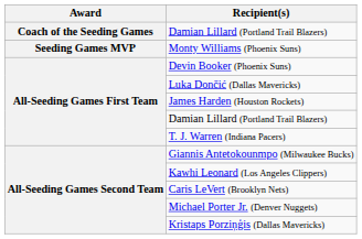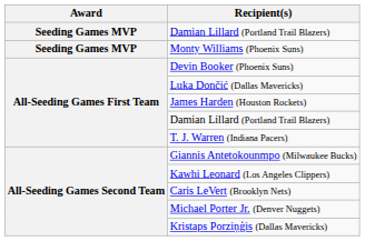 <table class="wikitable">
 <tr>
 <th>Award</th>
 <th>Recipient(s)</th>
 </tr>
 <tr>
-<th>Coach of the Seeding Games</th>
+<th>Seeding Games MVP</th>
 <td><a href='#'>Damian Lillard</a> <small>(Portland Trail Blazers)</small></td>
 </tr>
 <tr>
 <th>Seeding Games MVP</th>
 <td><a href='#'>Monty Williams</a> <small>(Phoenix Suns)</small></td>
 </tr>
 <tr>
 <th rowspan="5">All-Seeding Games First Team</th>
 <td><a href='#'>Devin Booker</a> <small>(Phoenix Suns)</small></td>
 </tr>
 <tr>
 <td><a href='#'>Luka Dončić</a> <small>(Dallas Mavericks)</small></td>
 </tr>
 <tr>
 <td><a href='#'>James Harden</a> <small>(Houston Rockets)</small></td>
 </tr>
 <tr>
 <td>Damian Lillard <small>(Portland Trail Blazers)</small></td>
 </tr>
 <tr>
 <td><a href='#'>T. J. Warren</a> <small>(Indiana Pacers)</small></td>
 </tr>
 <tr>
 <th rowspan="5">All-Seeding Games Second Team</th>
 <td><a href='#'>Giannis Antetokounmpo</a> <small>(Milwaukee Bucks)</small></td>
 </tr>
 <tr>
 <td><a href='#'>Kawhi Leonard</a> <small>(Los Angeles Clippers)</small></td>
 </tr>
 <tr>
 <td><a href='#'>Caris LeVert</a> <small>(Brooklyn Nets)</small></td>
 </tr>
 <tr>
 <td><a href='#'>Michael Porter Jr.</a> <small>(Denver Nuggets)</small></td>
 </tr>
 <tr>
 <td><a href='#'>Kristaps Porziņģis</a> <small>(Dallas Mavericks)</small></td>
 </tr>
 </table>
